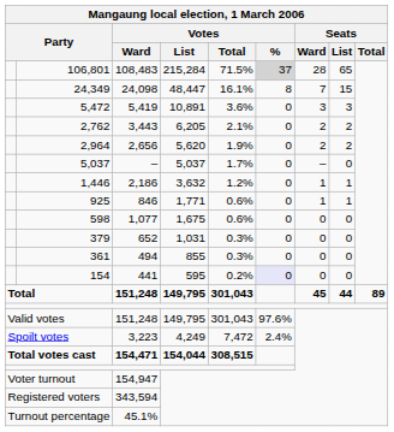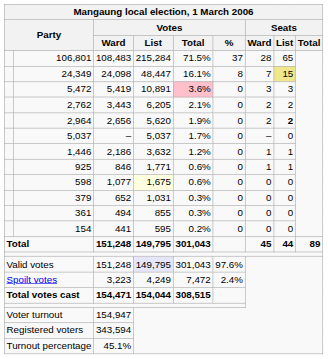 <table class=wikitable style="text-align:right">
 <tr>
 <th colspan="9" align="center">Mangaung local election, 1 March 2006</th>
 </tr>
 <tr>
 <th rowspan="2" colspan="2">Party</th>
 <th colspan="4" align="center">Votes</th>
 <th colspan="3" align="center">Seats</th>
 </tr>
 <tr>
 <th>Ward</th>
 <th>List</th>
 <th>Total</th>
 <th>%</th>
 <th>Ward</th>
 <th>List</th>
 <th>Total</th>
 </tr>
 <tr>
 <td></td>
 <td>106,801</td>
 <td>108,483</td>
 <td>215,284</td>
 <td>71.5%</td>
-<td style="background: lightgrey;">37</td>
+<td>37</td>
 <td>28</td>
 <td>65</td>
 </tr>
 <tr>
 <td></td>
 <td>24,349</td>
 <td>24,098</td>
 <td>48,447</td>
 <td>16.1%</td>
 <td>8</td>
 <td>7</td>
-<td>15</td>
+<td style="background: khaki;">15</td>
 </tr>
 <tr>
 <td></td>
 <td>5,472</td>
 <td>5,419</td>
 <td>10,891</td>
-<td>3.6%</td>
+<td style="background: pink;">3.6%</td>
 <td>0</td>
 <td>3</td>
 <td>3</td>
 </tr>
 <tr>
 <td></td>
 <td>2,762</td>
 <td>3,443</td>
 <td>6,205</td>
 <td>2.1%</td>
 <td>0</td>
 <td>2</td>
 <td>2</td>
 </tr>
 <tr>
 <td></td>
 <td>2,964</td>
 <td>2,656</td>
 <td>5,620</td>
 <td>1.9%</td>
 <td>0</td>
 <td>2</td>
-<td>2</td>
+<td><strong>2</strong></td>
 </tr>
 <tr>
 <td></td>
 <td>5,037</td>
 <td>–</td>
 <td>5,037</td>
 <td>1.7%</td>
 <td>0</td>
 <td>–</td>
 <td>0</td>
 </tr>
 <tr>
 <td></td>
 <td>1,446</td>
 <td>2,186</td>
 <td>3,632</td>
 <td>1.2%</td>
 <td>0</td>
 <td>1</td>
 <td>1</td>
 </tr>
 <tr>
 <td></td>
 <td>925</td>
 <td>846</td>
 <td>1,771</td>
 <td>0.6%</td>
 <td>0</td>
 <td>1</td>
 <td>1</td>
 </tr>
 <tr>
 <td></td>
 <td>598</td>
 <td>1,077</td>
-<td>1,675</td>
+<td style="background: lightyellow;">1,675</td>
 <td>0.6%</td>
 <td>0</td>
 <td>0</td>
 <td>0</td>
 </tr>
 <tr>
 <td></td>
 <td>379</td>
 <td>652</td>
 <td>1,031</td>
 <td>0.3%</td>
 <td>0</td>
 <td>0</td>
 <td>0</td>
 </tr>
 <tr>
 <td></td>
 <td>361</td>
 <td>494</td>
 <td>855</td>
 <td>0.3%</td>
 <td>0</td>
 <td>0</td>
 <td>0</td>
 </tr>
 <tr>
 <td></td>
 <td>154</td>
 <td>441</td>
 <td>595</td>
 <td>0.2%</td>
-<td style="background: lavender;">0</td>
+<td>0</td>
 <td>0</td>
 <td>0</td>
 </tr>
 <tr>
 <td colspan="2" style="text-align:left"><strong>Total</strong></td>
 <td><strong>151,248</strong></td>
 <td><strong>149,795</strong></td>
 <td><strong>301,043</strong></td>
 <td></td>
 <td><strong>45</strong></td>
 <td><strong>44</strong></td>
 <td><strong>89</strong></td>
 </tr>
 <tr>
 <td colspan="9"></td>
 </tr>
 <tr>
 <td colspan="2" style="text-align:left">Valid votes</td>
 <td>151,248</td>
-<td>149,795</td>
+<td style="background: lavender;">149,795</td>
 <td>301,043</td>
 <td>97.6%</td>
 </tr>
 <tr>
 <td colspan="2" style="text-align:left"><a href='#'>Spoilt votes</a></td>
 <td>3,223</td>
 <td>4,249</td>
 <td>7,472</td>
 <td>2.4%</td>
 </tr>
 <tr>
 <td colspan="2" style="text-align:left"><strong>Total votes cast</strong></td>
 <td><strong>154,471</strong></td>
 <td><strong>154,044</strong></td>
 <td><strong>308,515</strong></td>
 <td></td>
 </tr>
 <tr>
 <td colspan="6"></td>
 </tr>
 <tr>
 <td colspan="2" style="text-align:left">Voter turnout</td>
 <td>154,947</td>
 </tr>
 <tr>
 <td colspan="2" style="text-align:left">Registered voters</td>
 <td>343,594</td>
 </tr>
 <tr>
 <td colspan="2" style="text-align:left">Turnout percentage</td>
 <td>45.1%</td>
 </tr>
 </table>
